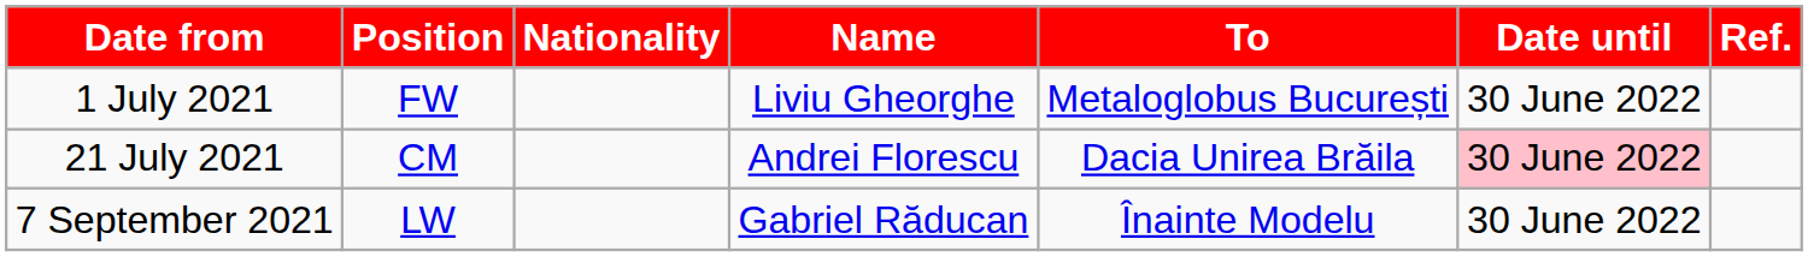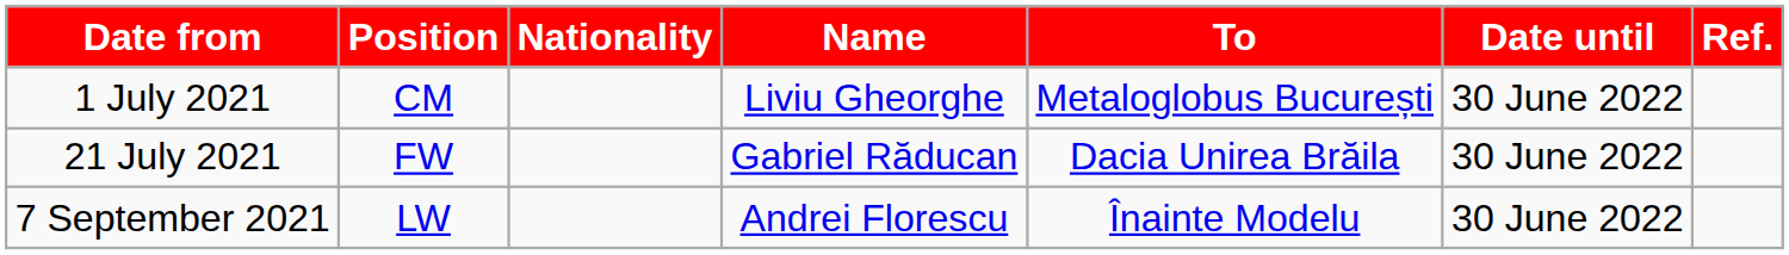 <table class="wikitable"  style="text-align:center; font-size:90%; ">
 <tr>
 <th style="background:red;color:white;">Date from</th>
 <th style="background:red;color:white;">Position</th>
 <th style="background:red;color:white;">Nationality</th>
 <th style="background:red;color:white;">Name</th>
 <th style="background:red;color:white;">To</th>
 <th style="background:red;color:white;">Date until</th>
 <th style="background:red;color:white;">Ref.</th>
 </tr>
 <tr>
 <td>1 July 2021</td>
-<td><a href='#'>FW</a></td>
+<td><a href='#'>CM</a></td>
 <td></td>
 <td><a href='#'>Liviu Gheorghe</a></td>
 <td><a href='#'>Metaloglobus București</a></td>
 <td>30 June 2022</td>
 <td></td>
 </tr>
 <tr>
 <td>21 July 2021</td>
-<td><a href='#'>CM</a></td>
+<td><a href='#'>FW</a></td>
 <td></td>
-<td><a href='#'>Andrei Florescu</a></td>
+<td><a href='#'>Gabriel Răducan</a></td>
 <td><a href='#'>Dacia Unirea Brăila</a></td>
-<td style="background: pink;">30 June 2022</td>
+<td>30 June 2022</td>
 <td></td>
 </tr>
 <tr>
 <td>7 September 2021</td>
 <td><a href='#'>LW</a></td>
 <td></td>
-<td><a href='#'>Gabriel Răducan</a></td>
+<td><a href='#'>Andrei Florescu</a></td>
 <td><a href='#'>Înainte Modelu</a></td>
 <td>30 June 2022</td>
 <td></td>
 </tr>
 </table>
